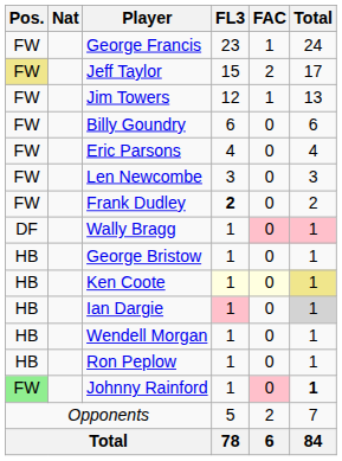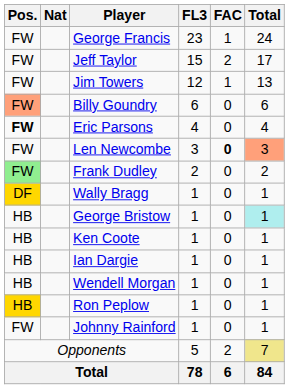 <table class="wikitable"  style="text-align:center; border:1px #aaa solid;">
 <tr>
 <th>Pos.</th>
 <th>Nat</th>
 <th>Player</th>
 <th>FL3</th>
 <th>FAC</th>
 <th>Total</th>
 </tr>
 <tr>
 <td>FW</td>
 <td></td>
 <td style="text-align:left;"><a href='#'>George Francis</a></td>
 <td>23</td>
 <td>1</td>
 <td>24</td>
 </tr>
 <tr>
-<td style="background: khaki;">FW</td>
+<td>FW</td>
 <td></td>
 <td style="text-align:left;"><a href='#'>Jeff Taylor</a></td>
 <td>15</td>
 <td>2</td>
 <td>17</td>
 </tr>
 <tr>
 <td>FW</td>
 <td></td>
 <td style="text-align:left;"><a href='#'>Jim Towers</a></td>
 <td>12</td>
 <td>1</td>
 <td>13</td>
 </tr>
 <tr>
-<td>FW</td>
+<td style="background: lightsalmon;">FW</td>
 <td></td>
 <td style="text-align:left;"><a href='#'>Billy Goundry</a></td>
 <td>6</td>
 <td>0</td>
 <td>6</td>
 </tr>
 <tr>
-<td>FW</td>
+<td><strong>FW</strong></td>
 <td></td>
 <td style="text-align:left;"><a href='#'>Eric Parsons</a></td>
 <td>4</td>
 <td>0</td>
 <td>4</td>
 </tr>
 <tr>
 <td>FW</td>
 <td></td>
 <td style="text-align:left;"><a href='#'>Len Newcombe</a></td>
 <td>3</td>
-<td>0</td>
-<td>3</td>
+<td><strong>0</strong></td>
+<td style="background: lightsalmon;">3</td>
 </tr>
 <tr>
-<td>FW</td>
+<td style="background: lightgreen;">FW</td>
 <td></td>
 <td style="text-align:left;"><a href='#'>Frank Dudley</a></td>
-<td><strong>2</strong></td>
+<td>2</td>
 <td>0</td>
 <td>2</td>
 </tr>
 <tr>
-<td>DF</td>
+<td style="background: gold;">DF</td>
 <td></td>
 <td style="text-align:left;"><a href='#'>Wally Bragg</a></td>
 <td>1</td>
-<td style="background: pink;">0</td>
-<td style="background: pink;">1</td>
+<td>0</td>
+<td>1</td>
 </tr>
 <tr>
 <td>HB</td>
 <td></td>
 <td style="text-align:left;"><a href='#'>George Bristow</a></td>
 <td>1</td>
 <td>0</td>
+<td style="background: paleturquoise;">1</td>
+</tr>
+<tr>
+<td>HB</td>
+<td></td>
+<td style="text-align:left;"><a href='#'>Ken Coote</a></td>
+<td>1</td>
+<td>0</td>
 <td>1</td>
 </tr>
 <tr>
 <td>HB</td>
 <td></td>
-<td style="text-align:left;"><a href='#'>Ken Coote</a></td>
-<td style="background: lightyellow;">1</td>
-<td style="background: lightyellow;">0</td>
-<td style="background: khaki;">1</td>
-</tr>
-<tr>
-<td>HB</td>
-<td></td>
 <td style="text-align:left;"><a href='#'>Ian Dargie</a></td>
-<td style="background: pink;">1</td>
+<td>1</td>
 <td>0</td>
-<td style="background: lightgrey;">1</td>
+<td>1</td>
 </tr>
 <tr>
 <td>HB</td>
 <td></td>
 <td style="text-align:left;"><a href='#'>Wendell Morgan</a></td>
 <td>1</td>
 <td>0</td>
 <td>1</td>
 </tr>
 <tr>
-<td>HB</td>
+<td style="background: gold;">HB</td>
 <td></td>
 <td style="text-align:left;"><a href='#'>Ron Peplow</a></td>
 <td>1</td>
 <td>0</td>
 <td>1</td>
 </tr>
 <tr>
-<td style="background: lightgreen;">FW</td>
+<td>FW</td>
 <td></td>
 <td style="text-align:left;"><a href='#'>Johnny Rainford</a></td>
 <td>1</td>
-<td style="background: pink;">0</td>
-<td><strong>1</strong></td>
+<td>0</td>
+<td>1</td>
 </tr>
 <tr>
 <td colspan="3"><em>Opponents</em></td>
 <td>5</td>
 <td>2</td>
-<td>7</td>
+<td style="background: khaki;">7</td>
 </tr>
 <tr>
 <th colspan="3">Total</th>
 <th>78</th>
 <th>6</th>
 <th>84</th>
 </tr>
 </table>
